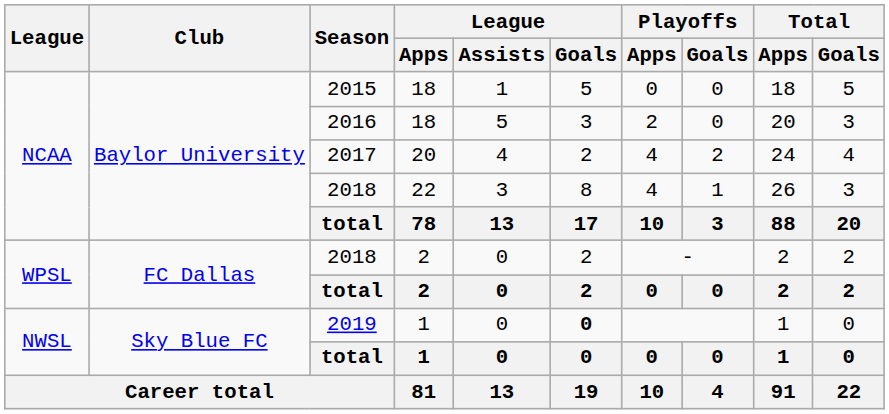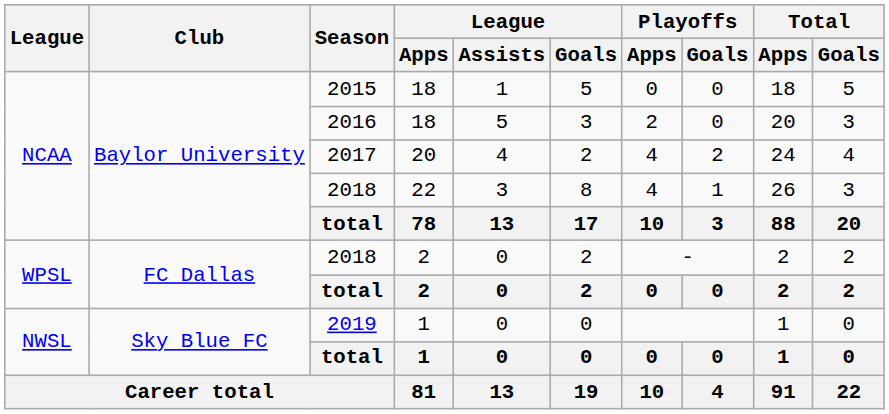 <table class="wikitable" style="text-align: center;">
 <tr>
 <th rowspan="2">League</th>
 <th rowspan="2">Club</th>
 <th rowspan="2">Season</th>
 <th colspan="3">League</th>
 <th colspan="2">Playoffs</th>
 <th colspan="2">Total</th>
 </tr>
 <tr>
 <th>Apps</th>
 <th>Assists</th>
 <th>Goals</th>
 <th>Apps</th>
 <th>Goals</th>
 <th>Apps</th>
 <th>Goals</th>
 </tr>
 <tr>
 <td rowspan="5"><a href='#'>NCAA</a></td>
 <td rowspan="5"><a href='#'>Baylor University</a></td>
 <td>2015</td>
 <td>18</td>
 <td>1</td>
 <td>5</td>
 <td>0</td>
 <td>0</td>
 <td>18</td>
 <td>5</td>
 </tr>
 <tr>
 <td>2016</td>
 <td>18</td>
 <td>5</td>
 <td>3</td>
 <td>2</td>
 <td>0</td>
 <td>20</td>
 <td>3</td>
 </tr>
 <tr>
 <td>2017</td>
 <td>20</td>
 <td>4</td>
 <td>2</td>
 <td>4</td>
 <td>2</td>
 <td>24</td>
 <td>4</td>
 </tr>
 <tr>
 <td>2018</td>
 <td>22</td>
 <td>3</td>
 <td>8</td>
 <td>4</td>
 <td>1</td>
 <td>26</td>
 <td>3</td>
 </tr>
 <tr>
 <th>total</th>
 <th>78</th>
 <th>13</th>
 <th>17</th>
 <th>10</th>
 <th>3</th>
 <th>88</th>
 <th>20</th>
 </tr>
 <tr>
 <td rowspan="2"><a href='#'>WPSL</a></td>
 <td rowspan="2"><a href='#'>FC Dallas</a></td>
 <td>2018</td>
 <td>2</td>
 <td>0</td>
 <td>2</td>
 <td colspan="2">-</td>
 <td>2</td>
 <td>2</td>
 </tr>
 <tr>
 <th>total</th>
 <th>2</th>
 <th>0</th>
 <th>2</th>
 <th>0</th>
 <th>0</th>
 <th>2</th>
 <th>2</th>
 </tr>
 <tr>
 <td rowspan="2"><a href='#'>NWSL</a></td>
 <td rowspan="2"><a href='#'>Sky Blue FC</a></td>
 <td><a href='#'>2019</a></td>
 <td>1</td>
 <td>0</td>
-<td><strong>0</strong></td>
+<td>0</td>
 <td colspan="2"></td>
 <td>1</td>
 <td>0</td>
 </tr>
 <tr>
 <th>total</th>
 <th>1</th>
 <th>0</th>
 <th>0</th>
 <th>0</th>
 <th>0</th>
 <th>1</th>
 <th>0</th>
 </tr>
 <tr>
 <th colspan="3">Career total</th>
 <th>81</th>
 <th>13</th>
 <th>19</th>
 <th>10</th>
 <th>4</th>
 <th>91</th>
 <th>22</th>
 </tr>
 </table>
